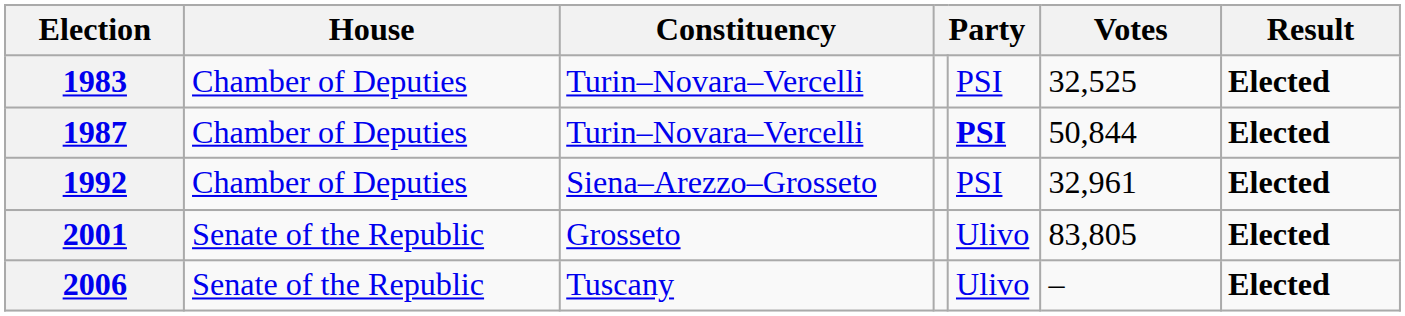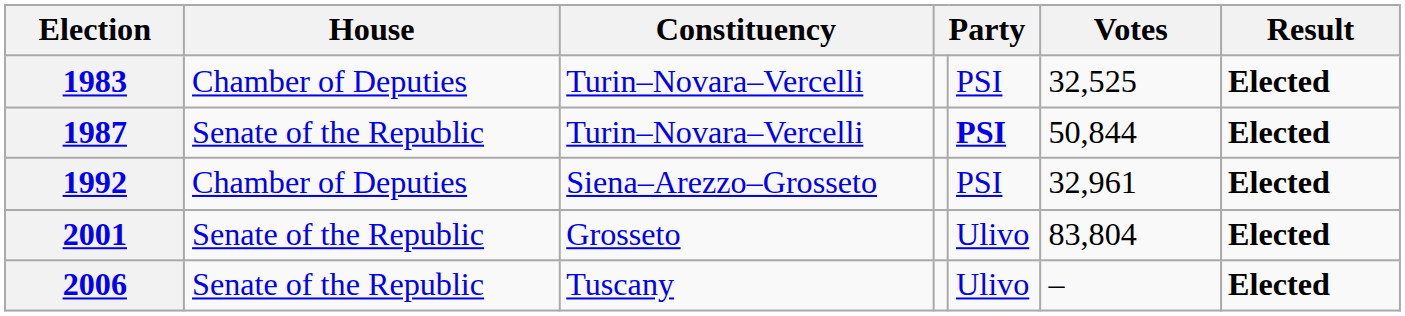 <table class=wikitable style="width:55%; border:1px #AAAAFF solid">
 <tr>
 <th width=12%>Election</th>
 <th width=25%>House</th>
 <th width=25%>Constituency</th>
 <th width=5% colspan="2">Party</th>
 <th width=12%>Votes</th>
 <th width=12%>Result</th>
 </tr>
 <tr>
 <th><a href='#'>1983</a></th>
 <td><a href='#'>Chamber of Deputies</a></td>
 <td><a href='#'>Turin–Novara–Vercelli</a></td>
 <td></td>
 <td><a href='#'>PSI</a></td>
 <td>32,525</td>
 <td> <strong>Elected</strong></td>
 </tr>
 <tr>
 <th><a href='#'>1987</a></th>
-<td><a href='#'>Chamber of Deputies</a></td>
+<td><a href='#'>Senate of the Republic</a></td>
 <td><a href='#'>Turin–Novara–Vercelli</a></td>
 <td></td>
 <td><strong><a href='#'>PSI</a></strong></td>
 <td>50,844</td>
 <td> <strong>Elected</strong></td>
 </tr>
 <tr>
 <th><a href='#'>1992</a></th>
 <td><a href='#'>Chamber of Deputies</a></td>
 <td><a href='#'>Siena–Arezzo–Grosseto</a></td>
 <td></td>
 <td><a href='#'>PSI</a></td>
 <td>32,961</td>
 <td> <strong>Elected</strong></td>
 </tr>
 <tr>
 <th><a href='#'>2001</a></th>
 <td><a href='#'>Senate of the Republic</a></td>
 <td><a href='#'>Grosseto</a></td>
 <td></td>
 <td><a href='#'>Ulivo</a></td>
-<td>83,805</td>
+<td>83,804</td>
 <td> <strong>Elected</strong></td>
 </tr>
 <tr>
 <th><a href='#'>2006</a></th>
 <td><a href='#'>Senate of the Republic</a></td>
 <td><a href='#'>Tuscany</a></td>
 <td></td>
 <td><a href='#'>Ulivo</a></td>
 <td>–</td>
 <td> <strong>Elected</strong></td>
 </tr>
 </table>
